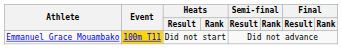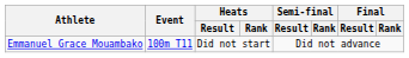 <table class=wikitable style="font-size:90%">
 <tr>
 <th rowspan="2">Athlete</th>
 <th rowspan="2">Event</th>
 <th colspan="2">Heats</th>
 <th colspan="2">Semi-final</th>
 <th colspan="2">Final</th>
 </tr>
 <tr>
 <th>Result</th>
 <th>Rank</th>
 <th>Result</th>
 <th>Rank</th>
 <th>Result</th>
 <th>Rank</th>
 </tr>
 <tr align=center>
 <td align=left><a href='#'>Emmanuel Grace Mouambako</a></td>
-<td align=left style="background: gold;"><a href='#'>100m T11</a></td>
+<td align=left><a href='#'>100m T11</a></td>
 <td colspan="2">Did not start</td>
 <td colspan="4">Did not advance</td>
 </tr>
 </table>
